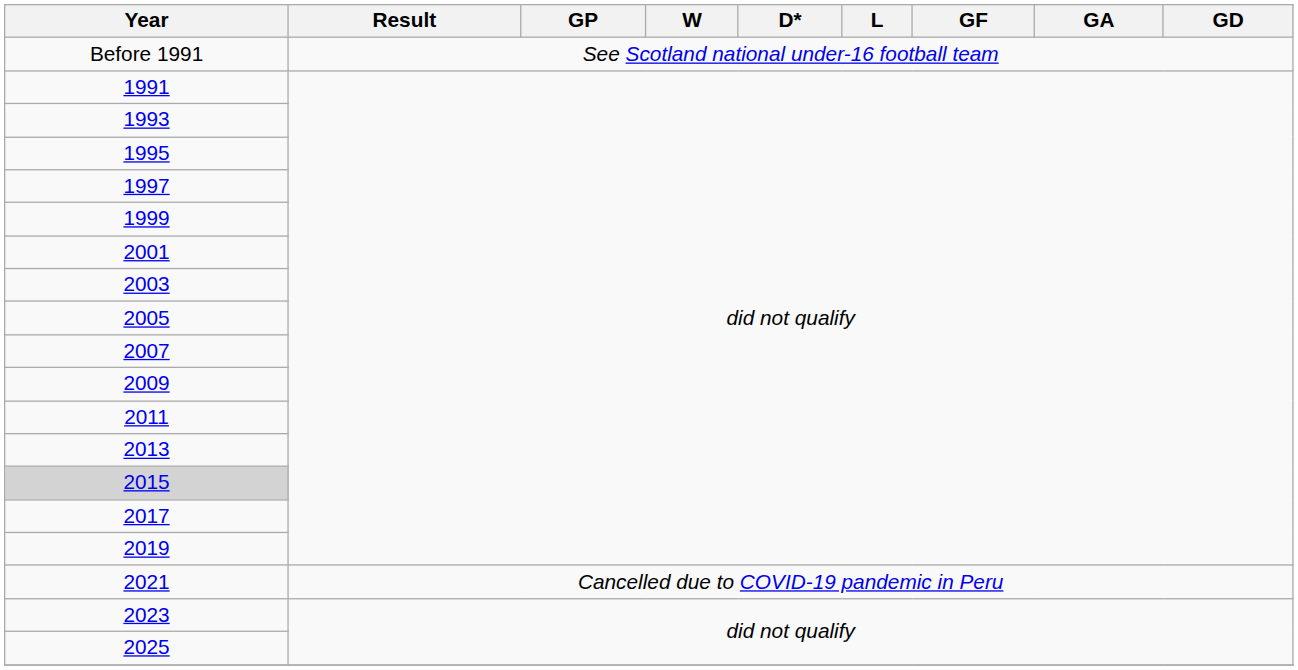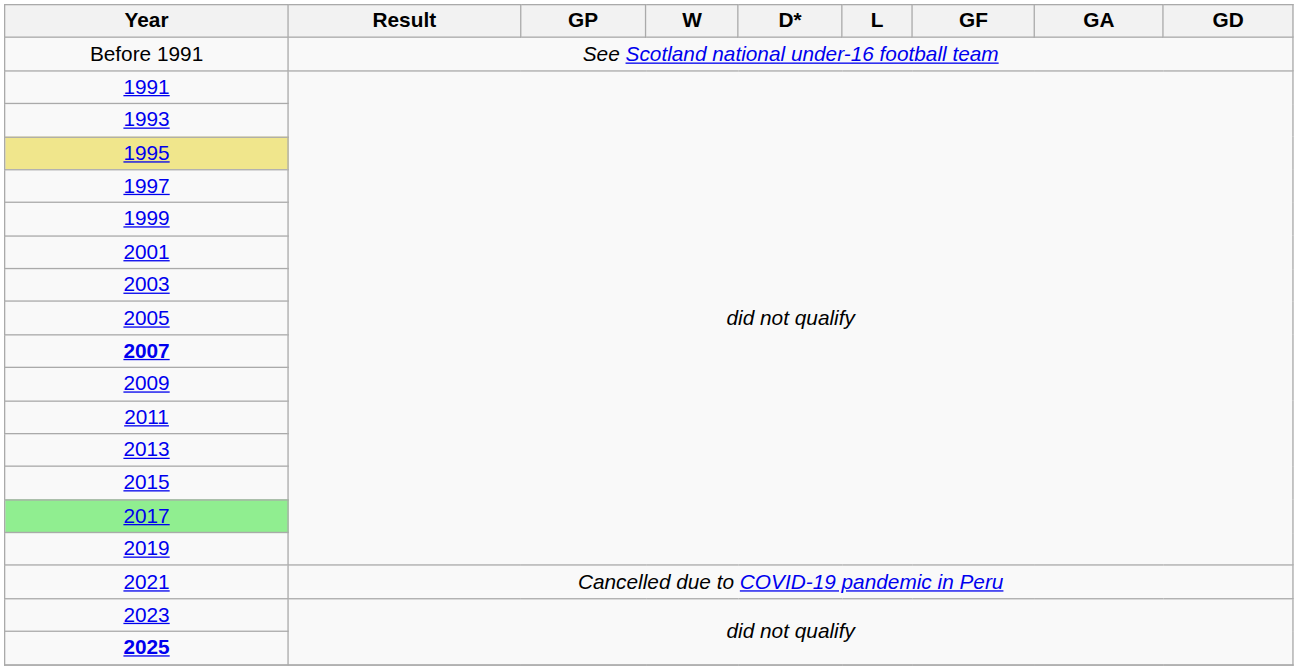 <table class="wikitable" style="text-align: center; width:50%;">
 <tr>
 <th>Year</th>
 <th>Result</th>
 <th>GP</th>
 <th>W</th>
 <th>D*</th>
 <th>L</th>
 <th>GF</th>
 <th>GA</th>
 <th>GD</th>
 </tr>
 <tr>
 <td>Before 1991</td>
 <td colspan=9><em>See <a href='#'>Scotland national under-16 football team</a></em></td>
 </tr>
 <tr>
 <td> <a href='#'>1991</a></td>
 <td colspan=8 rowspan=15><em>did not qualify</em></td>
 </tr>
 <tr>
 <td> <a href='#'>1993</a></td>
 </tr>
 <tr>
-<td> <a href='#'>1995</a></td>
+<td style="background: khaki;"> <a href='#'>1995</a></td>
 </tr>
 <tr>
 <td> <a href='#'>1997</a></td>
 </tr>
 <tr>
 <td> <a href='#'>1999</a></td>
 </tr>
 <tr>
 <td> <a href='#'>2001</a></td>
 </tr>
 <tr>
 <td> <a href='#'>2003</a></td>
 </tr>
 <tr>
 <td> <a href='#'>2005</a></td>
 </tr>
 <tr>
-<td> <a href='#'>2007</a></td>
+<td><strong> <a href='#'>2007</a></strong></td>
 </tr>
 <tr>
 <td> <a href='#'>2009</a></td>
 </tr>
 <tr>
 <td> <a href='#'>2011</a></td>
 </tr>
 <tr>
 <td> <a href='#'>2013</a></td>
 </tr>
 <tr>
-<td style="background: lightgrey;"> <a href='#'>2015</a></td>
+<td> <a href='#'>2015</a></td>
 </tr>
 <tr>
-<td> <a href='#'>2017</a></td>
+<td style="background: lightgreen;"> <a href='#'>2017</a></td>
 </tr>
 <tr>
 <td> <a href='#'>2019</a></td>
 </tr>
 <tr>
 <td> <a href='#'>2021</a></td>
 <td colspan=8><em>Cancelled due to <a href='#'>COVID-19 pandemic in Peru</a></em></td>
 </tr>
 <tr>
 <td> <a href='#'>2023</a></td>
 <td colspan=8 rowspan=2><em>did not qualify</em></td>
 </tr>
 <tr>
-<td> <a href='#'>2025</a></td>
+<td><strong> <a href='#'>2025</a></strong></td>
 </tr>
 <tr>
 </tr>
 </table>
